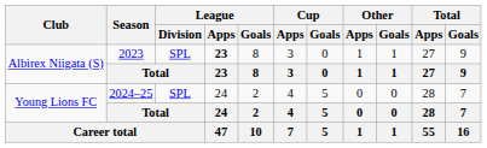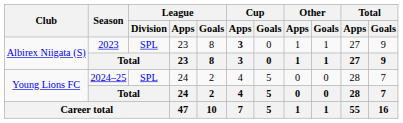 <table class=wikitable style=text-align:center>
 <tr>
 <th rowspan=2>Club</th>
 <th rowspan=2>Season</th>
 <th colspan=3>League</th>
 <th colspan=2>Cup</th>
 <th colspan=2>Other</th>
 <th colspan=2>Total</th>
 </tr>
 <tr>
 <th>Division</th>
 <th>Apps</th>
 <th>Goals</th>
 <th>Apps</th>
 <th>Goals</th>
 <th>Apps</th>
 <th>Goals</th>
 <th>Apps</th>
 <th>Goals</th>
 </tr>
 <tr>
 <td rowspan="2"><a href='#'>Albirex Niigata (S)</a></td>
 <td><a href='#'>2023</a></td>
 <td><a href='#'>SPL</a></td>
-<td><strong>23</strong></td>
+<td>23</td>
 <td>8</td>
-<td>3</td>
+<td><strong>3</strong></td>
 <td>0</td>
 <td>1</td>
 <td>1</td>
 <td>27</td>
 <td>9</td>
 </tr>
 <tr>
 <th colspan="2">Total</th>
 <th>23</th>
 <th>8</th>
 <th>3</th>
 <th>0</th>
 <th>1</th>
 <th>1</th>
 <th>27</th>
 <th>9</th>
 </tr>
 <tr>
 <td rowspan="2"><a href='#'>Young Lions FC</a></td>
 <td><a href='#'>2024–25</a></td>
 <td><a href='#'>SPL</a></td>
 <td>24</td>
 <td>2</td>
 <td>4</td>
 <td>5</td>
 <td>0</td>
 <td>0</td>
 <td>28</td>
 <td>7</td>
 </tr>
 <tr>
 <th colspan="2">Total</th>
 <th>24</th>
 <th>2</th>
 <th>4</th>
 <th>5</th>
 <th>0</th>
 <th>0</th>
 <th>28</th>
 <th>7</th>
 </tr>
 <tr>
 <th colspan=3>Career total</th>
 <th>47</th>
 <th>10</th>
 <th>7</th>
 <th>5</th>
 <th>1</th>
 <th>1</th>
 <th>55</th>
 <th>16</th>
 </tr>
 </table>
